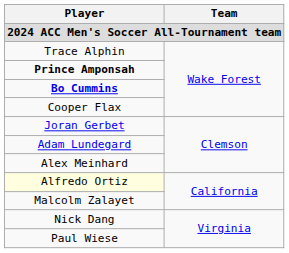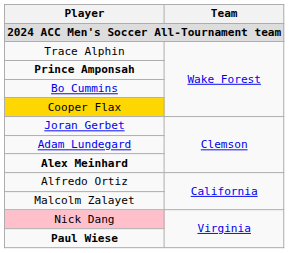 <table class="wikitable" style="white-space:nowrap; font-size:90%; text-align: center;">
 <tr>
 <th>Player</th>
 <th>Team</th>
 </tr>
 <tr>
 <td colspan="2" style="text-align:center; background:#ddd;"><strong>2024 ACC Men's Soccer All-Tournament team</strong></td>
 </tr>
 <tr>
 <td>Trace Alphin</td>
 <td rowspan=4><a href='#'>Wake Forest</a></td>
 </tr>
 <tr>
 <td><strong>Prince Amponsah</strong></td>
 </tr>
 <tr>
-<td><strong><a href='#'>Bo Cummins</a></strong></td>
+<td><a href='#'>Bo Cummins</a></td>
 </tr>
 <tr>
-<td>Cooper Flax</td>
+<td style="background: gold;">Cooper Flax</td>
 </tr>
 <tr>
 <td><a href='#'>Joran Gerbet</a></td>
 <td rowspan=3><a href='#'>Clemson</a></td>
 </tr>
 <tr>
 <td><a href='#'>Adam Lundegard</a></td>
 </tr>
 <tr>
-<td>Alex Meinhard</td>
+<td><strong>Alex Meinhard</strong></td>
 </tr>
 <tr>
-<td style="background: lightyellow;">Alfredo Ortiz</td>
+<td>Alfredo Ortiz</td>
 <td rowspan=2><a href='#'>California</a></td>
 </tr>
 <tr>
 <td>Malcolm Zalayet</td>
 </tr>
 <tr>
-<td>Nick Dang</td>
+<td style="background: pink;">Nick Dang</td>
 <td rowspan=2><a href='#'>Virginia</a></td>
 </tr>
 <tr>
-<td>Paul Wiese</td>
+<td><strong>Paul Wiese</strong></td>
 </tr>
 </table>
